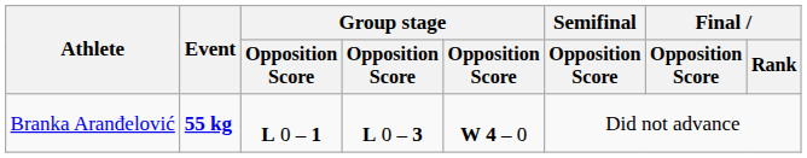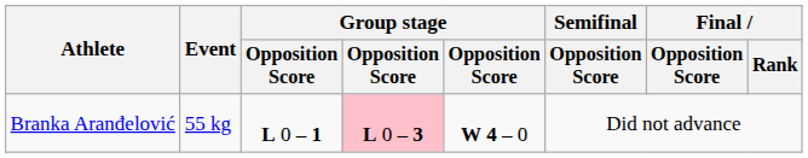 <table class="wikitable" style="font-size:90%">
 <tr>
 <th rowspan="2">Athlete</th>
 <th rowspan="2">Event</th>
 <th colspan="3">Group stage</th>
 <th>Semifinal</th>
 <th colspan=2>Final / </th>
 </tr>
 <tr style="font-size:95%">
 <th>Opposition <br> Score</th>
 <th>Opposition <br> Score</th>
 <th>Opposition <br> Score</th>
 <th>Opposition <br> Score</th>
 <th>Opposition <br> Score</th>
 <th>Rank</th>
 </tr>
 <tr align=center>
 <td align=left><a href='#'>Branka Aranđelović</a></td>
-<td align=left><strong><a href='#'>55 kg</a></strong></td>
+<td align=left><a href='#'>55 kg</a></td>
 <td> <br> <strong>L</strong> 0 – <strong>1</strong></td>
-<td> <br> <strong>L</strong> 0 – <strong>3</strong></td>
+<td style="background: pink;"> <br> <strong>L</strong> 0 – <strong>3</strong></td>
 <td> <br> <strong>W</strong> <strong>4</strong> – 0</td>
 <td colspan=3 align=center>Did not advance</td>
 </tr>
 </table>
